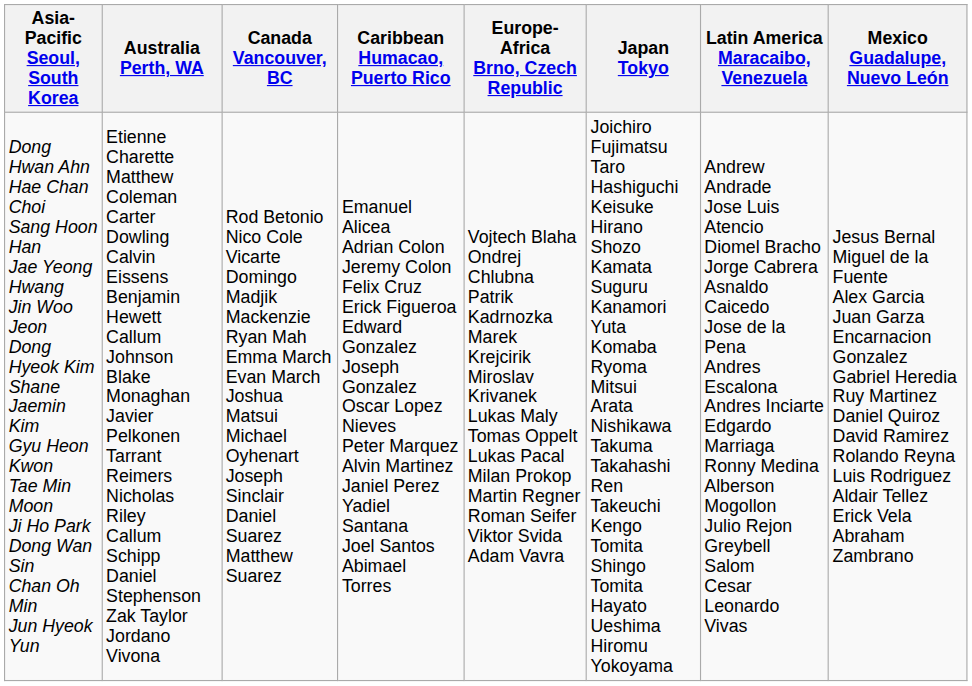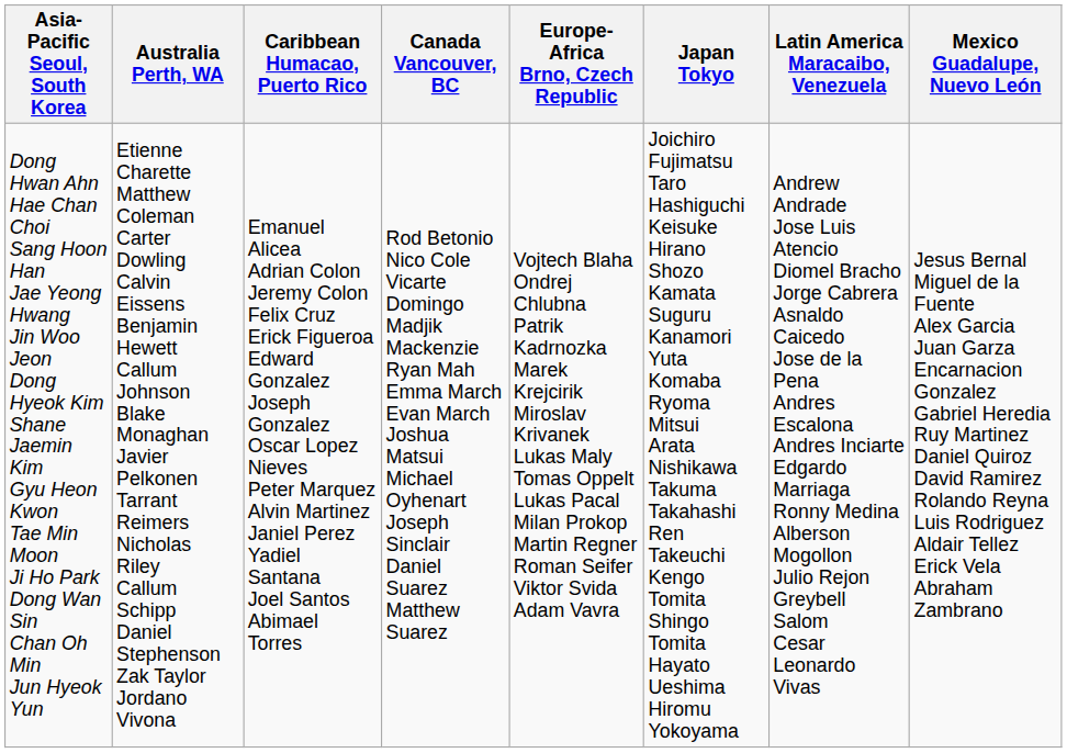 <table class="wikitable">
 <tr>
 <th>Asia-Pacific<br> <a href='#'>Seoul, South Korea</a></th>
 <th> Australia<br> <a href='#'>Perth, WA</a></th>
+<th>Caribbean<br> <a href='#'>Humacao, Puerto Rico</a></th>
 <th> Canada<br> <a href='#'>Vancouver, BC</a></th>
-<th>Caribbean<br> <a href='#'>Humacao, Puerto Rico</a></th>
 <th>Europe-Africa<br> <a href='#'>Brno, Czech Republic</a></th>
 <th> Japan<br> <a href='#'>Tokyo</a></th>
 <th>Latin America<br> <a href='#'>Maracaibo, Venezuela</a></th>
 <th>Mexico<br> <a href='#'>Guadalupe, Nuevo León</a></th>
 </tr>
 <tr>
 <td><em>Dong Hwan Ahn</em><br><em>Hae Chan Choi</em><br><em>Sang Hoon Han</em><br><em>Jae Yeong Hwang</em><br><em>Jin Woo Jeon</em><br><em>Dong Hyeok Kim</em><br><em>Shane Jaemin Kim</em><br><em>Gyu Heon Kwon</em><br><em>Tae Min Moon</em><br><em>Ji Ho Park</em><br><em>Dong Wan Sin</em><br><em>Chan Oh Min</em><br><em>Jun Hyeok Yun</em></td>
 <td>Etienne Charette<br>Matthew Coleman<br>Carter Dowling<br>Calvin Eissens<br>Benjamin Hewett<br>Callum Johnson<br>Blake Monaghan<br>Javier Pelkonen<br>Tarrant Reimers<br>Nicholas Riley<br>Callum Schipp<br>Daniel Stephenson<br>Zak Taylor<br>Jordano Vivona</td>
+<td>Emanuel Alicea<br>Adrian Colon<br>Jeremy Colon<br>Felix Cruz<br>Erick Figueroa<br>Edward Gonzalez<br>Joseph Gonzalez<br>Oscar Lopez Nieves<br>Peter Marquez<br>Alvin Martinez<br>Janiel Perez<br>Yadiel Santana<br>Joel Santos<br>Abimael Torres</td>
 <td>Rod Betonio<br>Nico Cole<br>Vicarte Domingo<br>Madjik Mackenzie<br>Ryan Mah<br>Emma March<br>Evan March<br>Joshua Matsui<br>Michael Oyhenart<br>Joseph Sinclair<br>Daniel Suarez<br>Matthew Suarez</td>
-<td>Emanuel Alicea<br>Adrian Colon<br>Jeremy Colon<br>Felix Cruz<br>Erick Figueroa<br>Edward Gonzalez<br>Joseph Gonzalez<br>Oscar Lopez Nieves<br>Peter Marquez<br>Alvin Martinez<br>Janiel Perez<br>Yadiel Santana<br>Joel Santos<br>Abimael Torres</td>
 <td>Vojtech Blaha<br>Ondrej Chlubna<br>Patrik Kadrnozka<br>Marek Krejcirik<br>Miroslav Krivanek<br>Lukas Maly<br>Tomas Oppelt<br>Lukas Pacal<br>Milan Prokop<br>Martin Regner<br>Roman Seifer<br>Viktor Svida<br>Adam Vavra</td>
 <td>Joichiro Fujimatsu<br>Taro Hashiguchi<br>Keisuke Hirano<br>Shozo Kamata<br>Suguru Kanamori<br>Yuta Komaba<br>Ryoma Mitsui<br>Arata Nishikawa<br>Takuma Takahashi<br>Ren Takeuchi<br>Kengo Tomita<br>Shingo Tomita<br>Hayato Ueshima<br>Hiromu Yokoyama</td>
 <td>Andrew Andrade<br>Jose Luis Atencio<br>Diomel Bracho<br>Jorge Cabrera<br>Asnaldo Caicedo<br>Jose de la Pena<br>Andres Escalona<br>Andres Inciarte<br>Edgardo Marriaga<br>Ronny Medina<br>Alberson Mogollon<br>Julio Rejon<br>Greybell Salom<br>Cesar Leonardo Vivas</td>
 <td>Jesus Bernal<br>Miguel de la Fuente<br>Alex Garcia<br>Juan Garza<br>Encarnacion Gonzalez<br>Gabriel Heredia<br>Ruy Martinez<br>Daniel Quiroz<br>David Ramirez<br>Rolando Reyna<br>Luis Rodriguez<br>Aldair Tellez<br>Erick Vela<br>Abraham Zambrano</td>
 </tr>
 </table>
